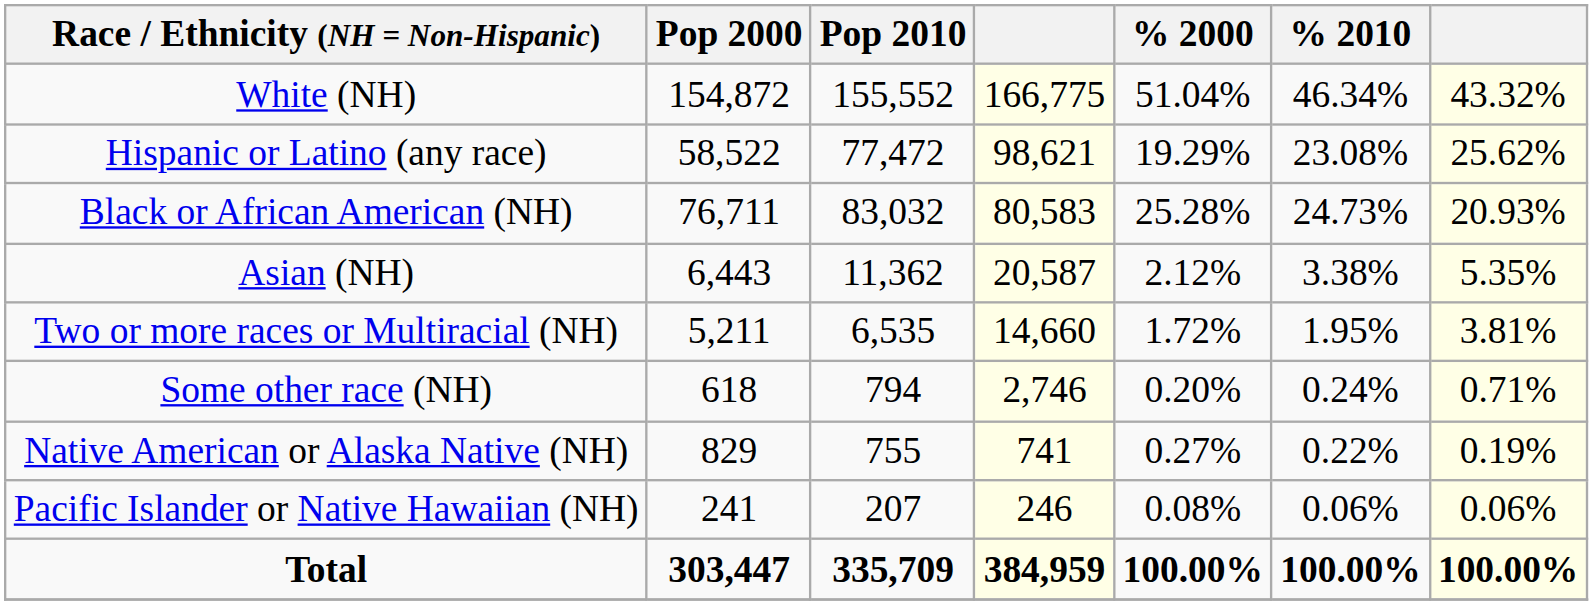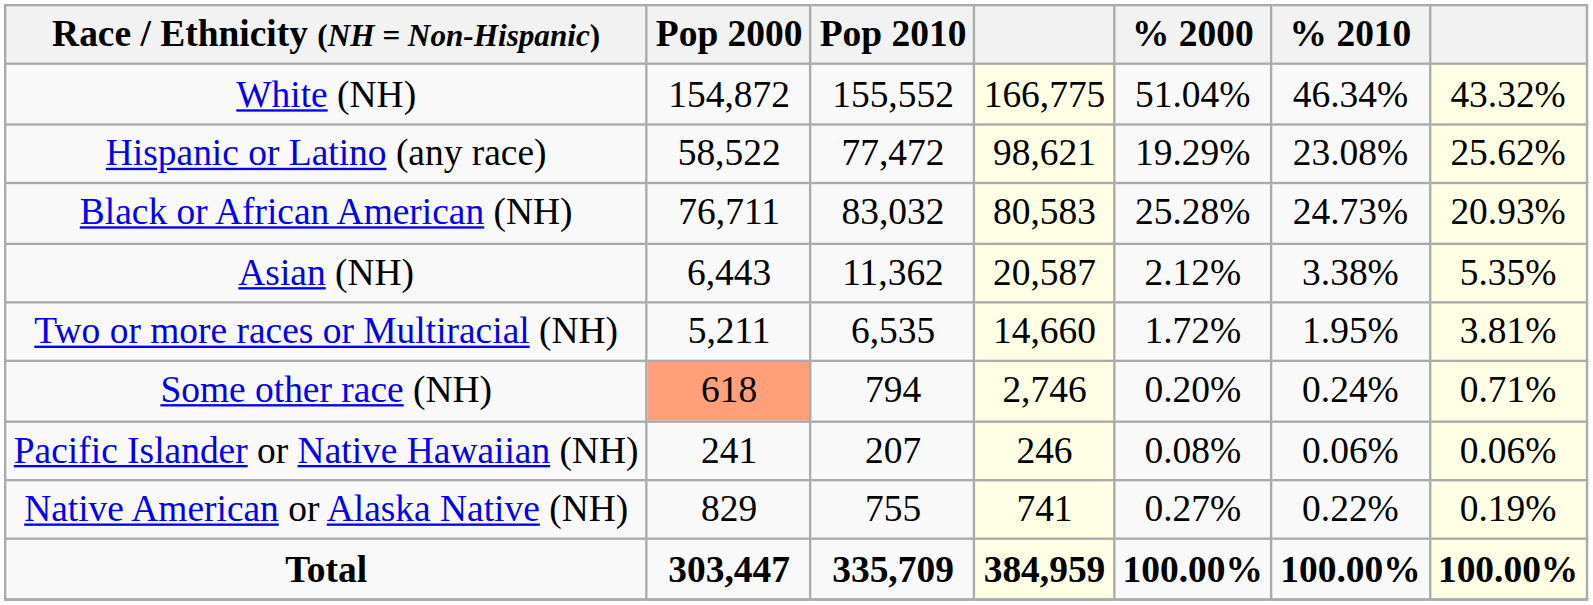 <table class="wikitable" style="text-align:center;">
 <tr>
 <th>Race / Ethnicity <small>(<em>NH = Non-Hispanic</em>)</small></th>
 <th>Pop 2000</th>
 <th>Pop 2010</th>
 <th></th>
 <th>% 2000</th>
 <th>% 2010</th>
 <th></th>
 </tr>
 <tr>
 <td><a href='#'>White</a> (NH)</td>
 <td>154,872</td>
 <td>155,552</td>
 <td style='background: #ffffe6;'>166,775</td>
 <td>51.04%</td>
 <td>46.34%</td>
 <td style='background: #ffffe6;'>43.32%</td>
 </tr>
 <tr>
 <td><a href='#'>Hispanic or Latino</a> (any race)</td>
 <td>58,522</td>
 <td>77,472</td>
 <td style='background: #ffffe6;'>98,621</td>
 <td>19.29%</td>
 <td>23.08%</td>
 <td style='background: #ffffe6;'>25.62%</td>
 </tr>
 <tr>
 <td><a href='#'>Black or African American</a> (NH)</td>
 <td>76,711</td>
 <td>83,032</td>
 <td style='background: #ffffe6;'>80,583</td>
 <td>25.28%</td>
 <td>24.73%</td>
 <td style='background: #ffffe6;'>20.93%</td>
 </tr>
 <tr>
 <td><a href='#'>Asian</a> (NH)</td>
 <td>6,443</td>
 <td>11,362</td>
 <td style='background: #ffffe6;'>20,587</td>
 <td>2.12%</td>
 <td>3.38%</td>
 <td style='background: #ffffe6;'>5.35%</td>
 </tr>
 <tr>
 <td><a href='#'>Two or more races or Multiracial</a> (NH)</td>
 <td>5,211</td>
 <td>6,535</td>
 <td style='background: #ffffe6;'>14,660</td>
 <td>1.72%</td>
 <td>1.95%</td>
 <td style='background: #ffffe6;'>3.81%</td>
 </tr>
 <tr>
 <td><a href='#'>Some other race</a> (NH)</td>
-<td>618</td>
+<td style="background: lightsalmon;">618</td>
 <td>794</td>
 <td style='background: #ffffe6;'>2,746</td>
 <td>0.20%</td>
 <td>0.24%</td>
 <td style='background: #ffffe6;'>0.71%</td>
+</tr>
+<tr>
+<td><a href='#'>Pacific Islander</a> or <a href='#'>Native Hawaiian</a> (NH)</td>
+<td>241</td>
+<td>207</td>
+<td style='background: #ffffe6;'>246</td>
+<td>0.08%</td>
+<td>0.06%</td>
+<td style='background: #ffffe6;'>0.06%</td>
 </tr>
 <tr>
 <td><a href='#'>Native American</a> or <a href='#'>Alaska Native</a> (NH)</td>
 <td>829</td>
 <td>755</td>
 <td style='background: #ffffe6;'>741</td>
 <td>0.27%</td>
 <td>0.22%</td>
 <td style='background: #ffffe6;'>0.19%</td>
-</tr>
-<tr>
-<td><a href='#'>Pacific Islander</a> or <a href='#'>Native Hawaiian</a> (NH)</td>
-<td>241</td>
-<td>207</td>
-<td style='background: #ffffe6;'>246</td>
-<td>0.08%</td>
-<td>0.06%</td>
-<td style='background: #ffffe6;'>0.06%</td>
 </tr>
 <tr>
 <td><strong>Total</strong></td>
 <td><strong>303,447</strong></td>
 <td><strong>335,709</strong></td>
 <td style='background: #ffffe6;'><strong>384,959</strong></td>
 <td><strong>100.00%</strong></td>
 <td><strong>100.00%</strong></td>
 <td style='background: #ffffe6;'><strong>100.00%</strong></td>
 </tr>
 <tr>
 </tr>
 </table>
